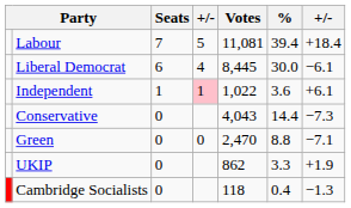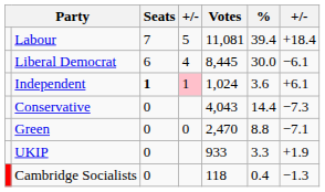 <table class="wikitable">
 <tr>
 <th colspan="2">Party</th>
 <th>Seats</th>
 <th>+/-</th>
 <th>Votes</th>
 <th>%</th>
 <th>+/-</th>
 </tr>
 <tr>
 <td style="background-color: "></td>
 <td><a href='#'>Labour</a></td>
 <td>7</td>
 <td> 5</td>
 <td>11,081</td>
 <td>39.4</td>
 <td><span>+18.4</span></td>
 </tr>
 <tr>
 <td style="background-color: "></td>
 <td><a href='#'>Liberal Democrat</a></td>
 <td>6</td>
 <td> 4</td>
 <td>8,445</td>
 <td>30.0</td>
 <td><span>−6.1</span></td>
 </tr>
 <tr>
 <td style="background-color: "></td>
 <td><a href='#'>Independent</a></td>
-<td>1</td>
+<td><strong>1</strong></td>
 <td style="background: pink;"> 1</td>
-<td>1,022</td>
+<td>1,024</td>
 <td>3.6</td>
 <td><span>+6.1</span></td>
 </tr>
 <tr>
 <td style="background-color: "></td>
 <td><a href='#'>Conservative</a></td>
 <td>0</td>
 <td></td>
 <td>4,043</td>
 <td>14.4</td>
 <td><span>−7.3</span></td>
 </tr>
 <tr>
 <td style="background-color: "></td>
 <td><a href='#'>Green</a></td>
 <td>0</td>
 <td> 0</td>
 <td>2,470</td>
 <td>8.8</td>
 <td><span>−7.1</span></td>
 </tr>
 <tr>
 <td style="background-color: "></td>
 <td><a href='#'>UKIP</a></td>
 <td>0</td>
 <td></td>
-<td>862</td>
+<td>933</td>
 <td>3.3</td>
 <td><span>+1.9</span></td>
 </tr>
 <tr>
 <td style="background-color: red"></td>
 <td>Cambridge Socialists</td>
 <td>0</td>
 <td></td>
 <td>118</td>
 <td>0.4</td>
 <td><span>−1.3</span></td>
 </tr>
 </table>
